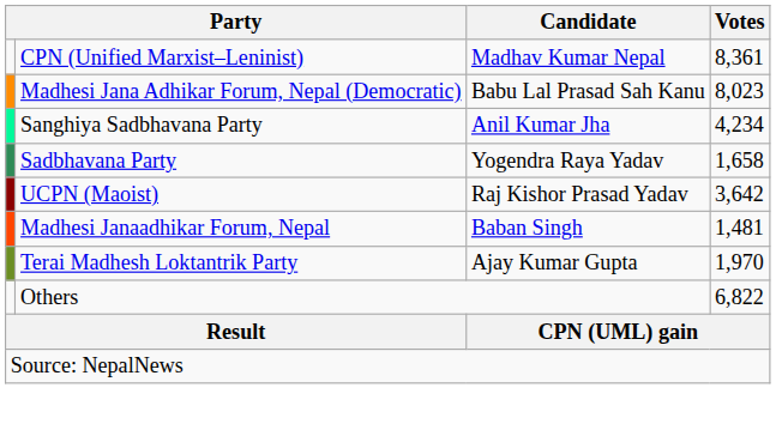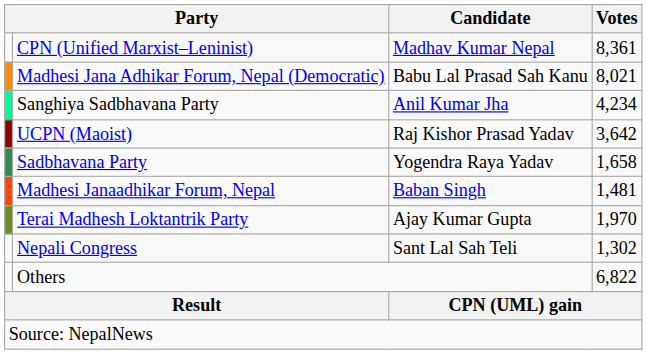 <table class="wikitable">
 <tr>
 <th colspan="2">Party</th>
 <th>Candidate</th>
 <th>Votes</th>
 </tr>
 <tr>
 <td style="background-color:"></td>
 <td><a href='#'>CPN (Unified Marxist–Leninist)</a></td>
 <td><a href='#'>Madhav Kumar Nepal</a></td>
 <td>8,361</td>
 </tr>
 <tr>
 <td style="background-color:darkorange"></td>
 <td><a href='#'>Madhesi Jana Adhikar Forum, Nepal (Democratic)</a></td>
 <td>Babu Lal Prasad Sah Kanu</td>
-<td>8,023</td>
+<td>8,021</td>
 </tr>
 <tr>
 <td style="background-color:mediumspringgreen"></td>
 <td>Sanghiya Sadbhavana Party</td>
 <td><a href='#'>Anil Kumar Jha</a></td>
 <td>4,234</td>
 </tr>
 <tr>
+<td style="background-color:darkred"></td>
+<td><a href='#'>UCPN (Maoist)</a></td>
+<td>Raj Kishor Prasad Yadav</td>
+<td>3,642</td>
+</tr>
+<tr>
 <td style="background-color:seagreen"></td>
 <td><a href='#'>Sadbhavana Party</a></td>
 <td>Yogendra Raya Yadav</td>
 <td>1,658</td>
-</tr>
-<tr>
-<td style="background-color:darkred"></td>
-<td><a href='#'>UCPN (Maoist)</a></td>
-<td>Raj Kishor Prasad Yadav</td>
-<td>3,642</td>
 </tr>
 <tr>
 <td style="background-color:orangered"></td>
 <td><a href='#'>Madhesi Janaadhikar Forum, Nepal</a></td>
 <td><a href='#'>Baban Singh</a></td>
 <td>1,481</td>
 </tr>
 <tr>
 <td style="background-color:olivedrab"></td>
 <td><a href='#'>Terai Madhesh Loktantrik Party</a></td>
 <td>Ajay Kumar Gupta</td>
 <td>1,970</td>
 </tr>
 <tr>
+<td style="background-color:"></td>
+<td><a href='#'>Nepali Congress</a></td>
+<td>Sant Lal Sah Teli</td>
+<td>1,302</td>
+</tr>
+<tr>
 <td></td>
 <td colspan="2">Others</td>
 <td>6,822</td>
 </tr>
 <tr>
 <th colspan="2">Result</th>
 <th colspan="2">CPN (UML) gain</th>
 </tr>
 <tr>
 <td colspan="4">Source: NepalNews</td>
 </tr>
 </table>
